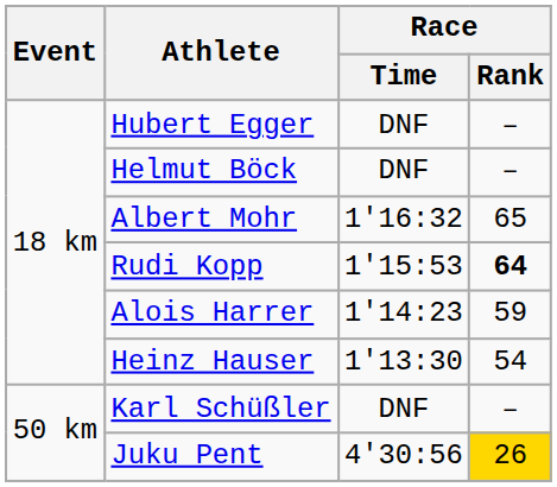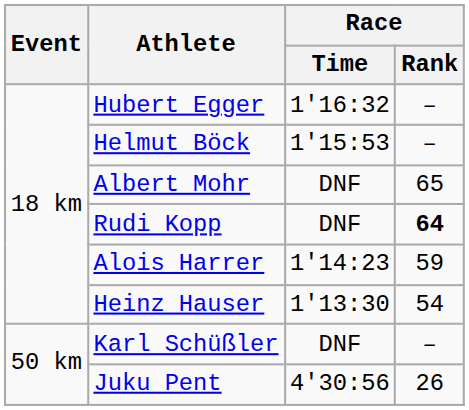 <table class="wikitable" border="1" style="font-size:90%">
 <tr>
 <th rowspan=2>Event</th>
 <th rowspan=2>Athlete</th>
 <th colspan=2>Race</th>
 </tr>
 <tr>
 <th>Time</th>
 <th>Rank</th>
 </tr>
 <tr>
 <td rowspan=6>18 km</td>
 <td><a href='#'>Hubert Egger</a></td>
-<td align=center>DNF</td>
+<td align=center>1'16:32</td>
 <td align=center>–</td>
 </tr>
 <tr>
 <td><a href='#'>Helmut Böck</a></td>
-<td align=center>DNF</td>
+<td align=center>1'15:53</td>
 <td align=center>–</td>
 </tr>
 <tr>
 <td><a href='#'>Albert Mohr</a></td>
-<td align=center>1'16:32</td>
+<td align=center>DNF</td>
 <td align=center>65</td>
 </tr>
 <tr>
 <td><a href='#'>Rudi Kopp</a></td>
-<td align=center>1'15:53</td>
+<td align=center>DNF</td>
 <td align=center><strong>64</strong></td>
 </tr>
 <tr>
 <td><a href='#'>Alois Harrer</a></td>
 <td align=center>1'14:23</td>
 <td align=center>59</td>
 </tr>
 <tr>
 <td><a href='#'>Heinz Hauser</a></td>
 <td align=center>1'13:30</td>
 <td align=center>54</td>
 </tr>
 <tr>
 <td rowspan=2>50 km</td>
 <td><a href='#'>Karl Schüßler</a></td>
 <td align=center>DNF</td>
 <td align=center>–</td>
 </tr>
 <tr>
 <td><a href='#'>Juku Pent</a></td>
 <td align=center>4'30:56</td>
-<td align=center style="background: gold;">26</td>
+<td align=center>26</td>
 </tr>
 </table>
